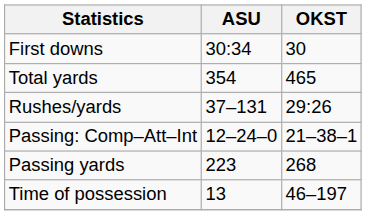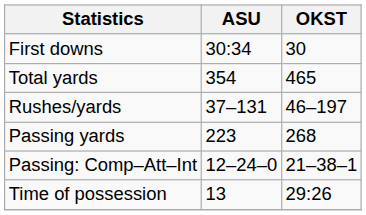 <table class="wikitable" style="float: left;">
 <tr>
 <th>Statistics</th>
 <th>ASU</th>
 <th>OKST</th>
 </tr>
 <tr>
 <td>First downs</td>
 <td>30:34</td>
 <td>30</td>
 </tr>
 <tr>
 <td>Total yards</td>
 <td>354</td>
 <td>465</td>
 </tr>
 <tr>
 <td>Rushes/yards</td>
 <td>37–131</td>
-<td>29:26</td>
+<td>46–197</td>
+</tr>
+<tr>
+<td>Passing yards</td>
+<td>223</td>
+<td>268</td>
 </tr>
 <tr>
 <td>Passing: Comp–Att–Int</td>
 <td>12–24–0</td>
 <td>21–38–1</td>
 </tr>
 <tr>
-<td>Passing yards</td>
-<td>223</td>
-<td>268</td>
-</tr>
-<tr>
 <td>Time of possession</td>
 <td>13</td>
-<td>46–197</td>
+<td>29:26</td>
 </tr>
 <tr>
 </tr>
 </table>
